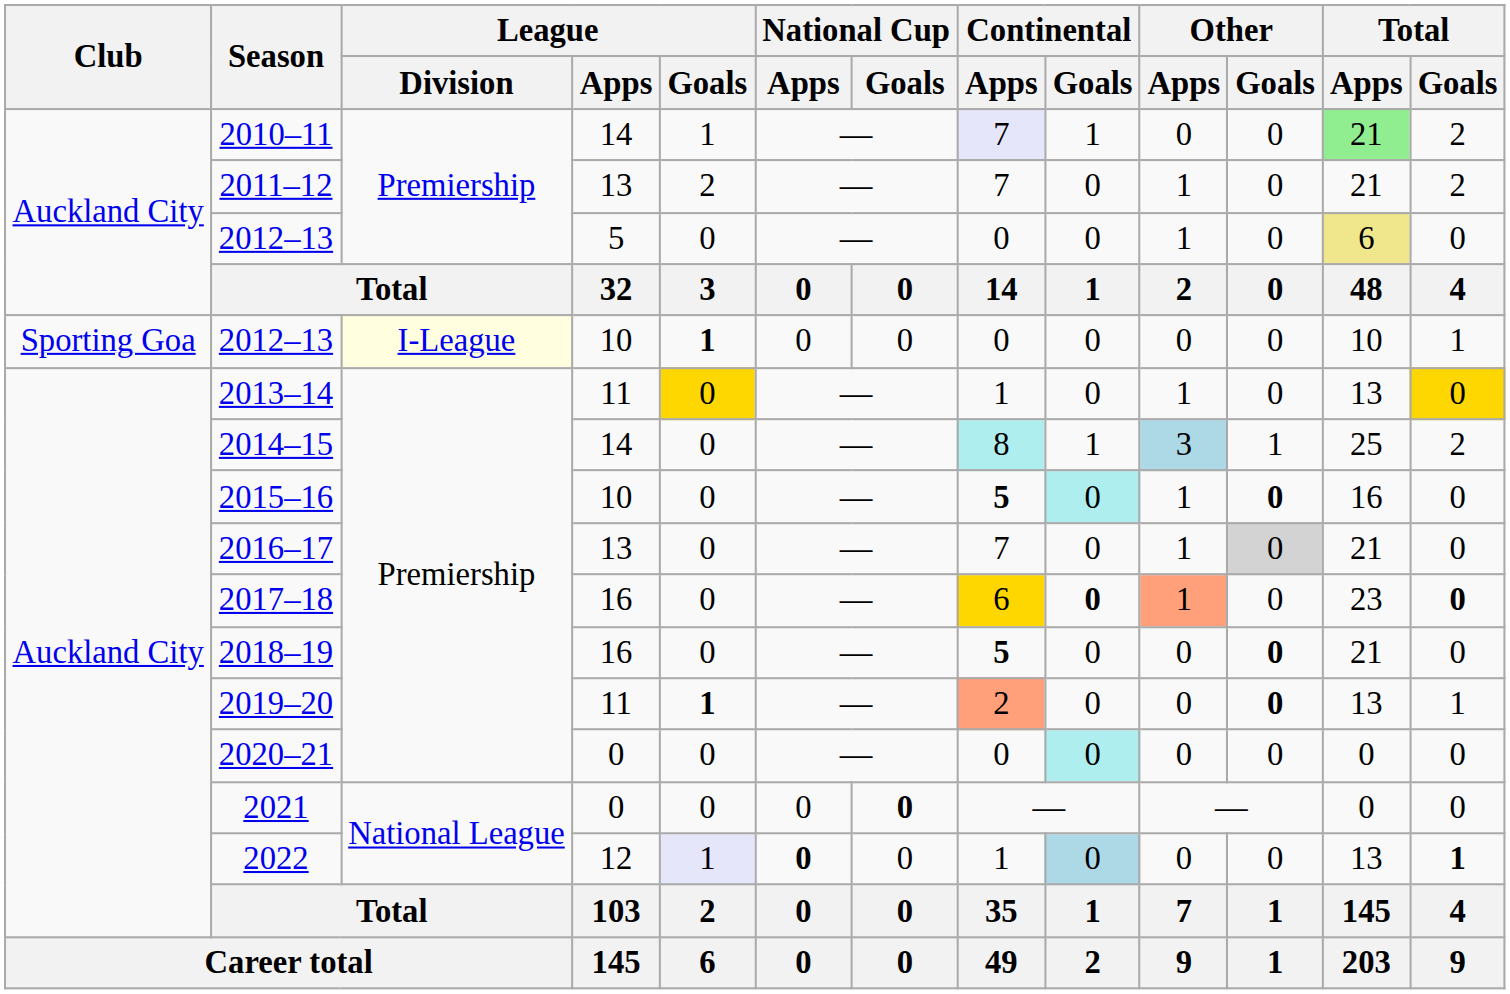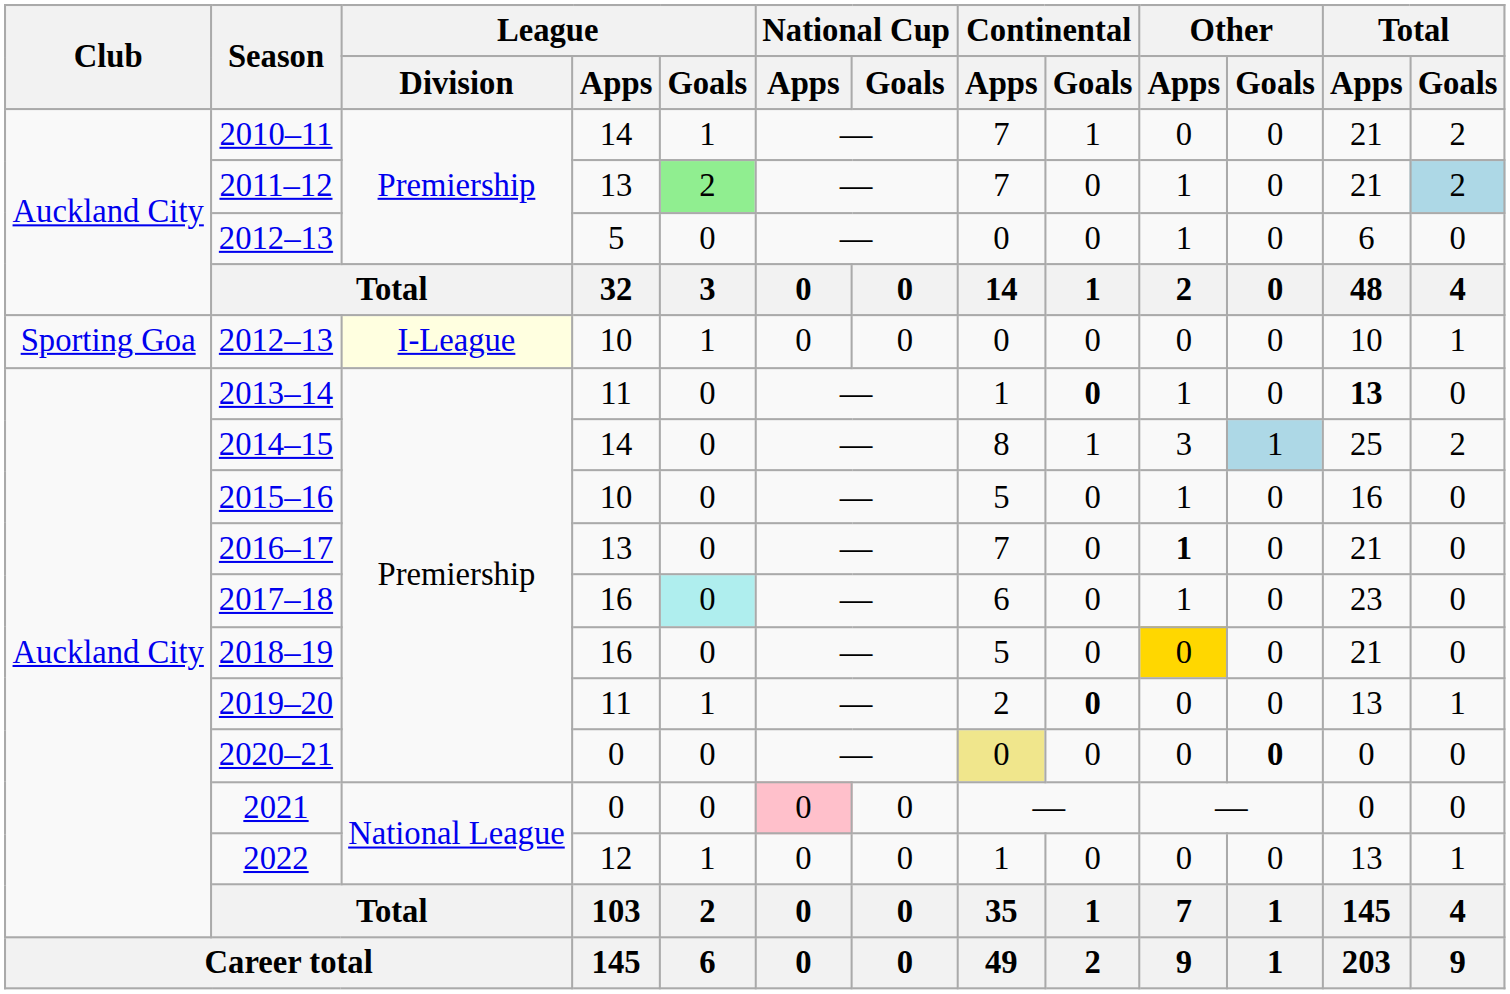 <table class="wikitable" style="text-align:center;">
 <tr>
 <th rowspan="2">Club</th>
 <th rowspan="2">Season</th>
 <th colspan="3">League</th>
 <th colspan="2">National Cup</th>
 <th colspan="2">Continental</th>
 <th colspan="2">Other</th>
 <th colspan="2">Total</th>
 </tr>
 <tr>
 <th>Division</th>
 <th>Apps</th>
 <th>Goals</th>
 <th>Apps</th>
 <th>Goals</th>
 <th>Apps</th>
 <th>Goals</th>
 <th>Apps</th>
 <th>Goals</th>
 <th>Apps</th>
 <th>Goals</th>
 </tr>
 <tr>
 <td rowspan="4"><a href='#'>Auckland City</a></td>
 <td><a href='#'>2010–11</a></td>
 <td rowspan=3><a href='#'>Premiership</a></td>
 <td>14</td>
 <td>1</td>
 <td colspan=2>—</td>
-<td style="background: lavender;">7</td>
+<td>7</td>
 <td>1</td>
 <td>0</td>
 <td>0</td>
-<td style="background: lightgreen;">21</td>
+<td>21</td>
 <td>2</td>
 </tr>
 <tr>
 <td><a href='#'>2011–12</a></td>
 <td>13</td>
-<td>2</td>
+<td style="background: lightgreen;">2</td>
 <td colspan=2>—</td>
 <td>7</td>
 <td>0</td>
 <td>1</td>
 <td>0</td>
 <td>21</td>
-<td>2</td>
+<td style="background: lightblue;">2</td>
 </tr>
 <tr>
 <td><a href='#'>2012–13</a></td>
 <td>5</td>
 <td>0</td>
 <td colspan=2>—</td>
 <td>0</td>
 <td>0</td>
 <td>1</td>
 <td>0</td>
-<td style="background: khaki;">6</td>
+<td>6</td>
 <td>0</td>
 </tr>
 <tr>
 <th colspan=2>Total</th>
 <th>32</th>
 <th>3</th>
 <th>0</th>
 <th>0</th>
 <th>14</th>
 <th>1</th>
 <th>2</th>
 <th>0</th>
 <th>48</th>
 <th>4</th>
 </tr>
 <tr>
 <td rowspan="1"><a href='#'>Sporting Goa</a></td>
 <td><a href='#'>2012–13</a></td>
 <td style="background: lightyellow;"><a href='#'>I-League</a></td>
 <td>10</td>
-<td><strong>1</strong></td>
+<td>1</td>
 <td>0</td>
 <td>0</td>
 <td>0</td>
 <td>0</td>
 <td>0</td>
 <td>0</td>
 <td>10</td>
 <td>1</td>
 </tr>
 <tr>
 <td rowspan="11"><a href='#'>Auckland City</a></td>
 <td><a href='#'>2013–14</a></td>
 <td rowspan=8>Premiership</td>
 <td>11</td>
-<td style="background: gold;">0</td>
+<td>0</td>
 <td colspan=2>—</td>
 <td>1</td>
-<td>0</td>
+<td><strong>0</strong></td>
 <td>1</td>
 <td>0</td>
-<td>13</td>
-<td style="background: gold;">0</td>
+<td><strong>13</strong></td>
+<td>0</td>
 </tr>
 <tr>
 <td><a href='#'>2014–15</a></td>
 <td>14</td>
 <td>0</td>
 <td colspan=2>—</td>
-<td style="background: paleturquoise;">8</td>
+<td>8</td>
 <td>1</td>
-<td style="background: lightblue;">3</td>
-<td>1</td>
+<td>3</td>
+<td style="background: lightblue;">1</td>
 <td>25</td>
 <td>2</td>
 </tr>
 <tr>
 <td><a href='#'>2015–16</a></td>
 <td>10</td>
 <td>0</td>
 <td colspan=2>—</td>
-<td><strong>5</strong></td>
-<td style="background: paleturquoise;">0</td>
+<td>5</td>
+<td>0</td>
 <td>1</td>
-<td><strong>0</strong></td>
+<td>0</td>
 <td>16</td>
 <td>0</td>
 </tr>
 <tr>
 <td><a href='#'>2016–17</a></td>
 <td>13</td>
 <td>0</td>
 <td colspan=2>—</td>
 <td>7</td>
 <td>0</td>
-<td>1</td>
-<td style="background: lightgrey;">0</td>
+<td><strong>1</strong></td>
+<td>0</td>
 <td>21</td>
 <td>0</td>
 </tr>
 <tr>
 <td><a href='#'>2017–18</a></td>
 <td>16</td>
+<td style="background: paleturquoise;">0</td>
+<td colspan=2>—</td>
+<td>6</td>
 <td>0</td>
-<td colspan=2>—</td>
-<td style="background: gold;">6</td>
-<td><strong>0</strong></td>
-<td style="background: lightsalmon;">1</td>
+<td>1</td>
 <td>0</td>
 <td>23</td>
-<td><strong>0</strong></td>
+<td>0</td>
 </tr>
 <tr>
 <td><a href='#'>2018–19</a></td>
 <td>16</td>
 <td>0</td>
 <td colspan=2>—</td>
-<td><strong>5</strong></td>
+<td>5</td>
 <td>0</td>
+<td style="background: gold;">0</td>
 <td>0</td>
-<td><strong>0</strong></td>
 <td>21</td>
 <td>0</td>
 </tr>
 <tr>
 <td><a href='#'>2019–20</a></td>
 <td>11</td>
-<td><strong>1</strong></td>
+<td>1</td>
 <td colspan=2>—</td>
-<td style="background: lightsalmon;">2</td>
+<td>2</td>
+<td><strong>0</strong></td>
 <td>0</td>
 <td>0</td>
-<td><strong>0</strong></td>
 <td>13</td>
 <td>1</td>
 </tr>
 <tr>
 <td><a href='#'>2020–21</a></td>
 <td>0</td>
 <td>0</td>
 <td colspan=2>—</td>
-<td>0</td>
-<td style="background: paleturquoise;">0</td>
+<td style="background: khaki;">0</td>
 <td>0</td>
 <td>0</td>
+<td><strong>0</strong></td>
 <td>0</td>
 <td>0</td>
 </tr>
 <tr>
 <td><a href='#'>2021</a></td>
 <td rowspan=2><a href='#'>National League</a></td>
 <td>0</td>
 <td>0</td>
+<td style="background: pink;">0</td>
 <td>0</td>
-<td><strong>0</strong></td>
 <td colspan=2>—</td>
 <td colspan=2>—</td>
 <td>0</td>
 <td>0</td>
 </tr>
 <tr>
 <td><a href='#'>2022</a></td>
 <td>12</td>
-<td style="background: lavender;">1</td>
-<td><strong>0</strong></td>
+<td>1</td>
+<td>0</td>
 <td>0</td>
 <td>1</td>
-<td style="background: lightblue;">0</td>
+<td>0</td>
 <td>0</td>
 <td>0</td>
 <td>13</td>
-<td><strong>1</strong></td>
+<td>1</td>
 </tr>
 <tr>
 <th colspan=2>Total</th>
 <th>103</th>
 <th>2</th>
 <th>0</th>
 <th>0</th>
 <th>35</th>
 <th>1</th>
 <th>7</th>
 <th>1</th>
 <th>145</th>
 <th>4</th>
 </tr>
 <tr>
 <th colspan="3">Career total</th>
 <th>145</th>
 <th>6</th>
 <th>0</th>
 <th>0</th>
 <th>49</th>
 <th>2</th>
 <th>9</th>
 <th>1</th>
 <th>203</th>
 <th>9</th>
 </tr>
 </table>
